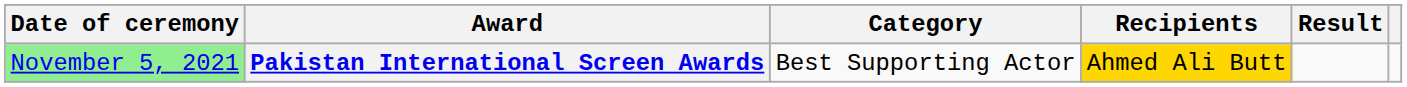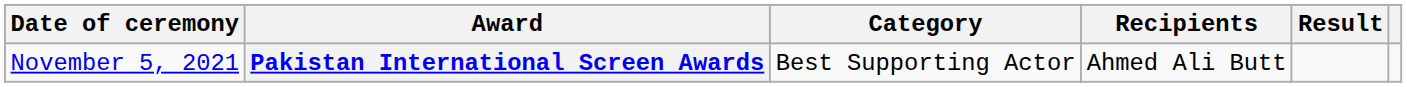 <table class="wikitable plainrowheaders sortable">
 <tr>
 <th scope="col">Date of ceremony</th>
 <th scope="col">Award</th>
 <th scope="col">Category</th>
 <th scope="col">Recipients</th>
 <th scope="col">Result</th>
 <th scope="col" class="unsortable"></th>
 </tr>
 <tr>
-<td scope="row" style="background: lightgreen;"><a href='#'>November 5, 2021</a></td>
+<td scope="row"><a href='#'>November 5, 2021</a></td>
 <th scope="row" rowspan=3><a href='#'>Pakistan International Screen Awards</a></th>
 <td>Best Supporting Actor</td>
-<td style="background: gold;">Ahmed Ali Butt</td>
+<td>Ahmed Ali Butt</td>
 <td></td>
 <td></td>
 </tr>
 </table>
